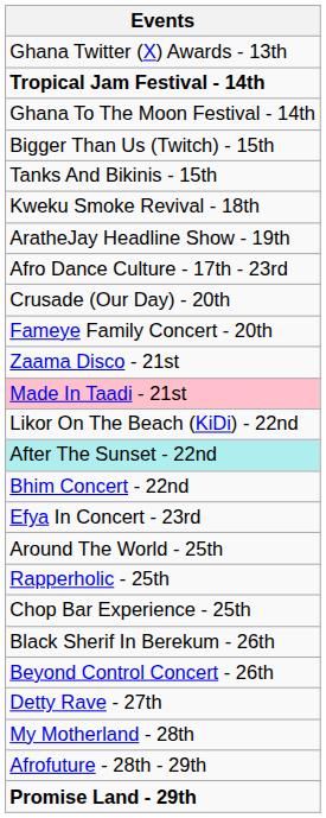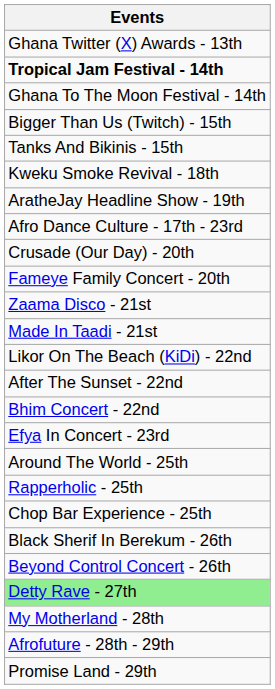 <table class="wikitable">
 <tr>
 <th>Events</th>
 </tr>
 <tr>
 <td>Ghana Twitter (<a href='#'>X</a>) Awards - 13th</td>
 </tr>
 <tr>
 <td><strong>Tropical Jam Festival - 14th</strong></td>
 </tr>
 <tr>
 <td>Ghana To The Moon Festival  - 14th</td>
 </tr>
 <tr>
 <td>Bigger Than Us (Twitch) - 15th</td>
 </tr>
 <tr>
 <td>Tanks And Bikinis - 15th</td>
 </tr>
 <tr>
 <td>Kweku Smoke Revival - 18th</td>
 </tr>
 <tr>
 <td>AratheJay Headline Show - 19th</td>
 </tr>
 <tr>
 <td>Afro Dance Culture - 17th - 23rd</td>
 </tr>
 <tr>
 <td>Crusade (Our Day) - 20th</td>
 </tr>
 <tr>
 <td><a href='#'>Fameye</a> Family Concert - 20th</td>
 </tr>
 <tr>
 <td><a href='#'>Zaama Disco</a> - 21st</td>
 </tr>
 <tr>
-<td style="background: pink;"><a href='#'>Made In Taadi</a> - 21st</td>
+<td><a href='#'>Made In Taadi</a> - 21st</td>
 </tr>
 <tr>
 <td>Likor On The Beach (<a href='#'>KiDi</a>) - 22nd</td>
 </tr>
 <tr>
-<td style="background: paleturquoise;">After The Sunset - 22nd</td>
+<td>After The Sunset - 22nd</td>
 </tr>
 <tr>
 <td><a href='#'>Bhim Concert</a> - 22nd</td>
 </tr>
 <tr>
 <td><a href='#'>Efya</a> In Concert - 23rd</td>
 </tr>
 <tr>
 <td>Around The World - 25th</td>
 </tr>
 <tr>
 <td><a href='#'>Rapperholic</a> - 25th</td>
 </tr>
 <tr>
 <td>Chop Bar Experience - 25th</td>
 </tr>
 <tr>
 <td>Black Sherif In Berekum - 26th</td>
 </tr>
 <tr>
 <td><a href='#'>Beyond Control Concert</a> - 26th</td>
 </tr>
 <tr>
-<td><a href='#'>Detty Rave</a> - 27th</td>
+<td style="background: lightgreen;"><a href='#'>Detty Rave</a> - 27th</td>
 </tr>
 <tr>
 <td><a href='#'>My Motherland</a> - 28th</td>
 </tr>
 <tr>
 <td><a href='#'>Afrofuture</a> - 28th - 29th</td>
 </tr>
 <tr>
-<td><strong>Promise Land - 29th</strong></td>
+<td>Promise Land - 29th</td>
 </tr>
 </table>
